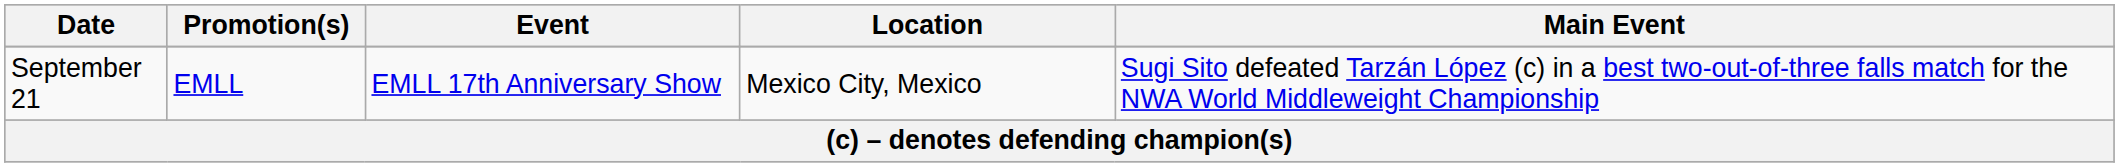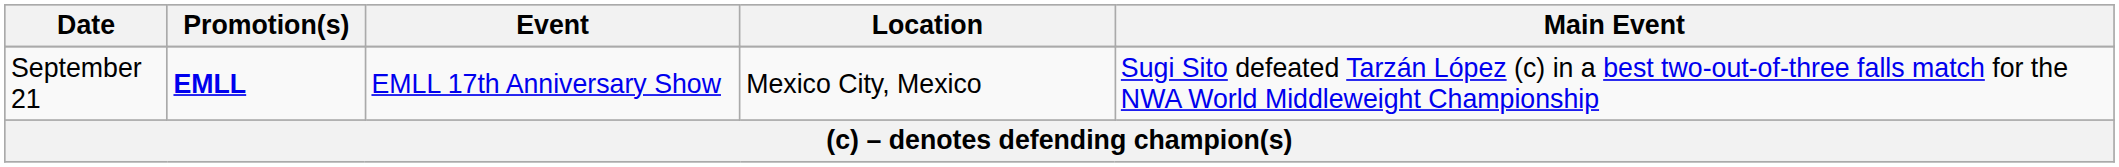 <table class="wikitable" style="width:100%;">
 <tr>
 <th width=5%>Date</th>
 <th width=5%>Promotion(s)</th>
 <th style="width:15%;">Event</th>
 <th style="width:15%;">Location</th>
 <th style="width:40%;">Main Event</th>
 </tr>
 <tr style="width:20%;"| Notes>
 </tr>
 <tr>
 <td>September 21</td>
-<td><a href='#'>EMLL</a></td>
+<td><strong><a href='#'>EMLL</a></strong></td>
 <td><a href='#'>EMLL 17th Anniversary Show</a></td>
 <td>Mexico City, Mexico</td>
 <td><a href='#'>Sugi Sito</a> defeated <a href='#'>Tarzán López</a> (c) in a <a href='#'>best two-out-of-three falls match</a> for the <a href='#'>NWA World Middleweight Championship</a></td>
 </tr>
 <tr>
 <th colspan="5">(c) – denotes defending champion(s)</th>
 </tr>
 </table>
